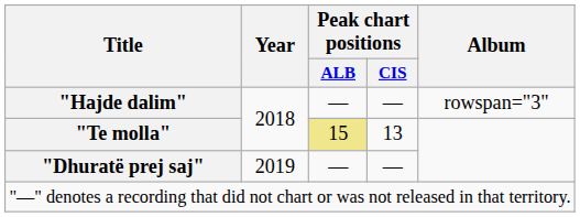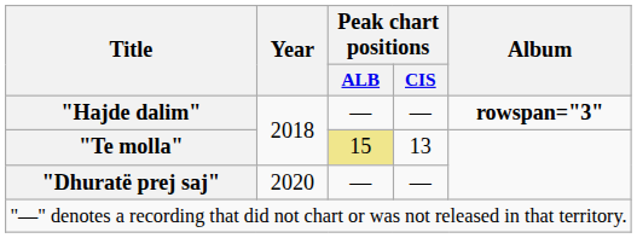 <table class="wikitable plainrowheaders" style="text-align:center;">
 <tr>
 <th scope="col" rowspan="2">Title</th>
 <th scope="col" rowspan="2">Year</th>
 <th scope="col" colspan="2">Peak chart positions</th>
 <th scope="col" rowspan="2">Album</th>
 </tr>
 <tr>
 <th scope="col" style="width:3em;font-size:85%;"><a href='#'>ALB</a><br></th>
 <th style="width:2.5em;font-size:85%;"><a href='#'>CIS</a><br></th>
 </tr>
 <tr>
 <th scope="row">"Hajde dalim"<br></th>
 <td rowspan="2">2018</td>
 <td>—</td>
 <td>—</td>
-<td>rowspan="3" </td>
+<td><strong>rowspan="3" </strong></td>
 </tr>
 <tr>
 <th scope="row">"Te molla"<br></th>
 <td style="background: khaki;">15</td>
 <td>13</td>
 </tr>
 <tr>
 <th scope="row">"Dhuratë prej saj"<br></th>
-<td>2019</td>
+<td>2020</td>
 <td>—</td>
 <td>—</td>
 </tr>
 <tr>
 <td colspan="11" style="font-size:90%">"—" denotes a recording that did not chart or was not released in that territory.</td>
 </tr>
 </table>
